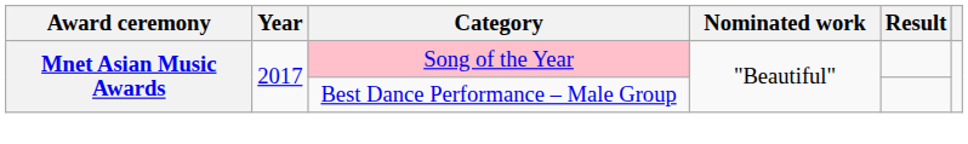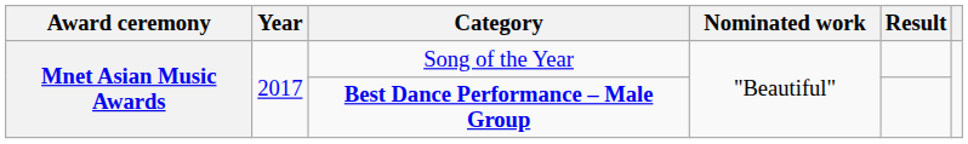 <table class="wikitable sortable plainrowheaders" style="text-align:center;">
 <tr>
 <th scope="col" style="width:10.5em">Award ceremony</th>
 <th scope="col">Year</th>
 <th scope="col" style="width:16.5em">Category</th>
 <th scope="col" style="width:8em">Nominated work</th>
 <th scope="col">Result</th>
 <th scope="col" class="unsortable"></th>
 </tr>
 <tr>
 <th scope="row" rowspan="2"><a href='#'>Mnet Asian Music Awards</a></th>
 <td rowspan="2"><a href='#'>2017</a></td>
-<td style="background: pink;"><a href='#'>Song of the Year</a></td>
+<td><a href='#'>Song of the Year</a></td>
 <td rowspan="2">"Beautiful"</td>
 <td></td>
 <td rowspan="2"></td>
 </tr>
 <tr>
-<td><a href='#'>Best Dance Performance – Male Group</a></td>
+<td><strong><a href='#'>Best Dance Performance – Male Group</a></strong></td>
 <td></td>
 </tr>
 </table>
